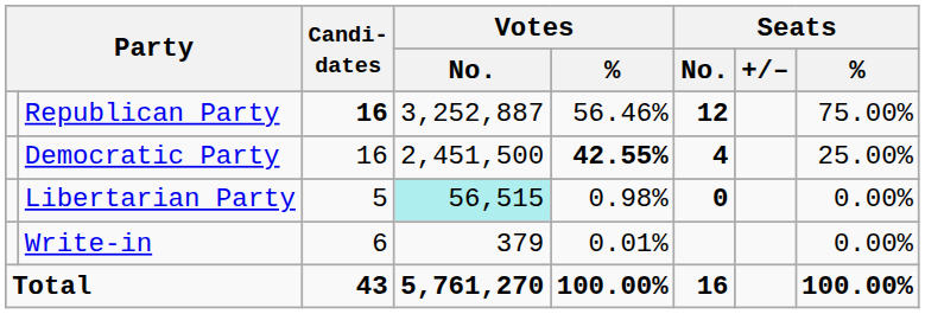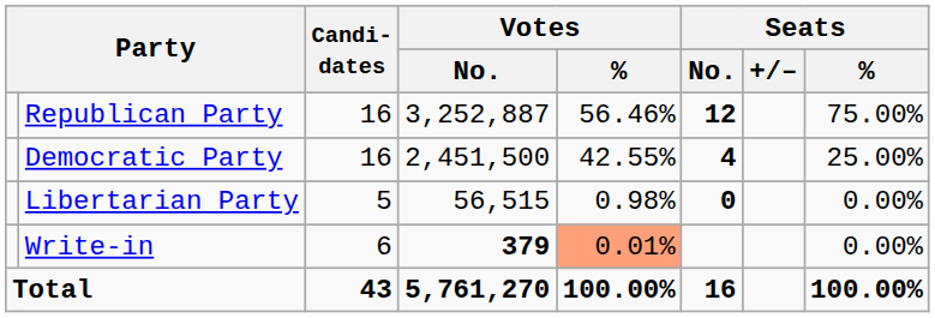 <table class="wikitable" style="font-size:100%; text-align:right;">
 <tr>
 <th colspan=2 rowspan=2>Party</th>
 <th rowspan=2><small>Candi-<br>dates</small></th>
 <th colspan=2>Votes</th>
 <th colspan=3>Seats</th>
 </tr>
 <tr>
 <th>No.</th>
 <th>%</th>
 <th>No.</th>
 <th>+/–</th>
 <th>%</th>
 </tr>
 <tr>
 <td style="background:"></td>
 <td align=left><a href='#'>Republican Party</a></td>
-<td><strong>16</strong></td>
+<td>16</td>
 <td>3,252,887</td>
 <td>56.46%</td>
 <td><strong>12</strong></td>
 <td></td>
 <td>75.00%</td>
 </tr>
 <tr>
 <td style="background:"></td>
 <td align=left><a href='#'>Democratic Party</a></td>
 <td>16</td>
 <td>2,451,500</td>
-<td><strong>42.55%</strong></td>
+<td>42.55%</td>
 <td><strong>4</strong></td>
 <td></td>
 <td>25.00%</td>
 </tr>
 <tr>
 <td style="background:"></td>
 <td align=left><a href='#'>Libertarian Party</a></td>
 <td>5</td>
-<td style="background: paleturquoise;">56,515</td>
+<td>56,515</td>
 <td>0.98%</td>
 <td><strong>0</strong></td>
 <td></td>
 <td>0.00%</td>
 </tr>
 <tr>
 <td style="background:"></td>
 <td align=left><a href='#'>Write-in</a></td>
 <td>6</td>
-<td>379</td>
-<td>0.01%</td>
+<td><strong>379</strong></td>
+<td style="background: lightsalmon;">0.01%</td>
 <td><strong> </strong></td>
 <td></td>
 <td>0.00%</td>
 </tr>
 <tr style="font-weight:bold">
 <td colspan=2 align=left>Total</td>
 <td>43</td>
 <td>5,761,270</td>
 <td>100.00%</td>
 <td>16</td>
 <td></td>
 <td>100.00%</td>
 </tr>
 </table>
